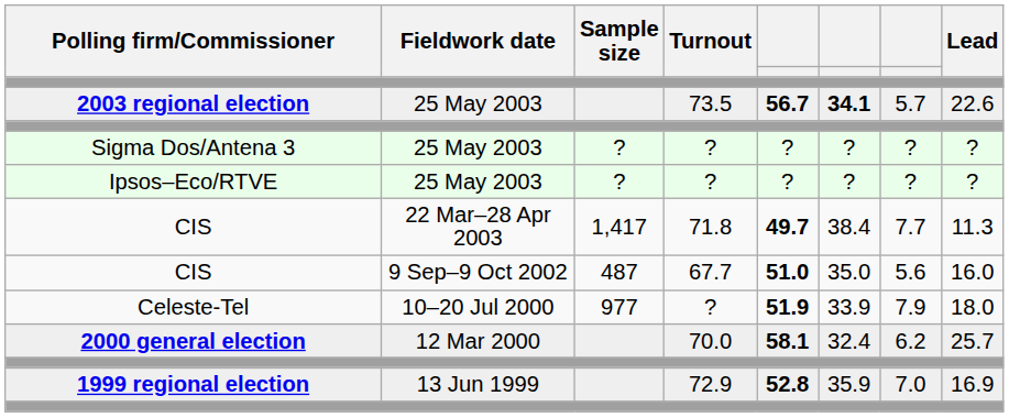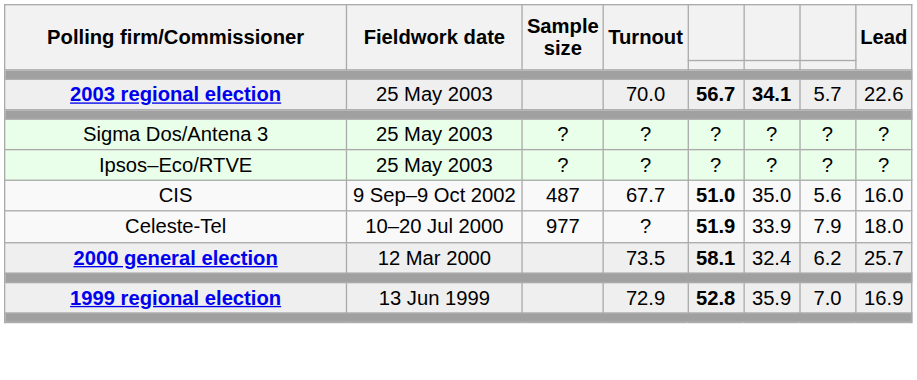 <table class="wikitable collapsible collapsed" style="text-align:center; font-size:95%; line-height:16px;">
 <tr style="height:42px;">
 <th style="width:250px;" rowspan="2">Polling firm/Commissioner</th>
 <th style="width:125px;" rowspan="2">Fieldwork date</th>
 <th style="width:50px;" rowspan="2">Sample size</th>
 <th style="width:45px;" rowspan="2">Turnout</th>
 <th style="width:35px;"></th>
 <th style="width:35px;"></th>
 <th style="width:35px;"></th>
 <th style="width:30px;" rowspan="2">Lead</th>
 </tr>
 <tr>
 <th style="color:inherit;background:"></th>
 <th style="color:inherit;background:"></th>
 <th style="color:inherit;background:"></th>
 </tr>
 <tr>
 <td colspan="8" style="background:#A0A0A0"></td>
 </tr>
 <tr style="background:#EFEFEF;">
 <td><strong><a href='#'>2003 regional election</a></strong></td>
 <td>25 May 2003</td>
 <td></td>
-<td>73.5</td>
+<td>70.0</td>
 <td><strong>56.7</strong><br></td>
 <td><strong>34.1<br></strong></td>
 <td>5.7<br></td>
 <td style="background:">22.6</td>
 </tr>
 <tr>
 <td colspan="8" style="background:#A0A0A0"></td>
 </tr>
 <tr style="background:#EAFFEA;">
 <td>Sigma Dos/Antena 3</td>
 <td>25 May 2003</td>
 <td>?</td>
 <td>?</td>
 <td>?<br></td>
 <td>?<br></td>
 <td>?<br></td>
 <td style="background:">?</td>
 </tr>
 <tr style="background:#EAFFEA;">
 <td>Ipsos–Eco/RTVE</td>
 <td>25 May 2003</td>
 <td>?</td>
 <td>?</td>
 <td>?<br></td>
 <td>?<br></td>
 <td>?<br></td>
 <td style="background:">?</td>
 </tr>
 <tr>
 <td>CIS</td>
-<td>22 Mar–28 Apr 2003</td>
-<td>1,417</td>
-<td>71.8</td>
-<td><strong>49.7</strong><br></td>
-<td>38.4<br></td>
-<td>7.7<br></td>
-<td style="background:">11.3</td>
-</tr>
-<tr>
-<td>CIS</td>
 <td>9 Sep–9 Oct 2002</td>
 <td>487</td>
 <td>67.7</td>
 <td><strong>51.0</strong></td>
 <td>35.0</td>
 <td>5.6</td>
 <td style="background:">16.0</td>
 </tr>
 <tr>
 <td>Celeste-Tel</td>
 <td>10–20 Jul 2000</td>
 <td>977</td>
 <td>?</td>
 <td><strong>51.9</strong><br></td>
 <td>33.9<br></td>
 <td>7.9<br></td>
 <td style="background:">18.0</td>
 </tr>
 <tr style="background:#EFEFEF;">
 <td><strong><a href='#'>2000 general election</a></strong></td>
 <td>12 Mar 2000</td>
 <td></td>
-<td>70.0</td>
+<td>73.5</td>
 <td><strong>58.1</strong></td>
 <td>32.4</td>
 <td>6.2</td>
 <td style="background:">25.7</td>
 </tr>
 <tr>
 <td colspan="8" style="background:#A0A0A0"></td>
 </tr>
 <tr style="background:#EFEFEF;">
 <td><strong><a href='#'>1999 regional election</a></strong></td>
 <td>13 Jun 1999</td>
 <td></td>
 <td>72.9</td>
 <td><strong>52.8</strong><br></td>
 <td>35.9<br></td>
 <td>7.0<br></td>
 <td style="background:">16.9</td>
 </tr>
 <tr>
 <td colspan="8" style="background:#A0A0A0"></td>
 </tr>
 </table>
